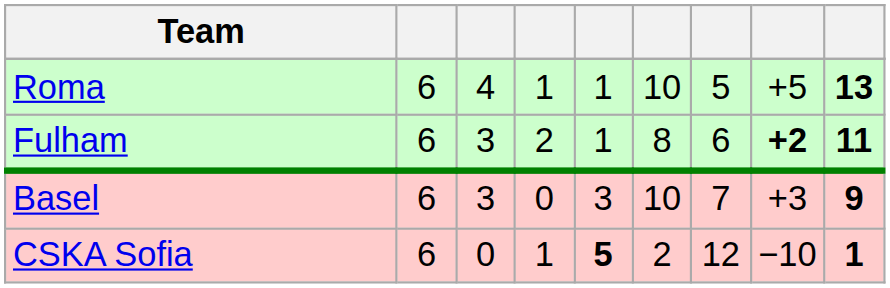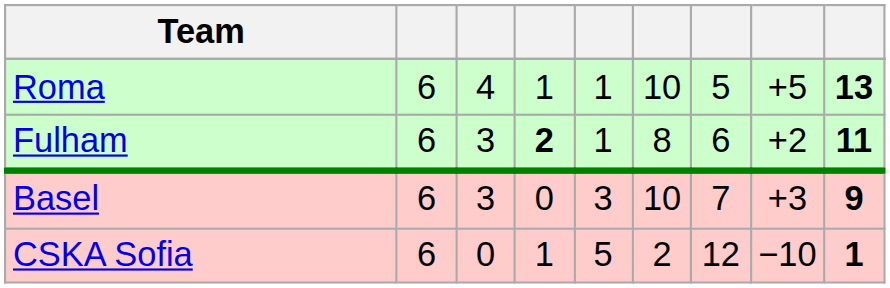 <table class="wikitable" style="text-align: center;">
 <tr>
 <th width=175>Team</th>
 <th width=20></th>
 <th width=20></th>
 <th width=20></th>
 <th width=20></th>
 <th width=20></th>
 <th width=20></th>
 <th width=20></th>
 <th width=20></th>
 </tr>
 <tr dth=20 |>
 </tr>
 <tr bgcolor="ccffcc">
 <td align=left> <a href='#'>Roma</a></td>
 <td>6</td>
 <td>4</td>
 <td>1</td>
 <td>1</td>
 <td>10</td>
 <td>5</td>
 <td>+5</td>
 <td><strong>13</strong></td>
 </tr>
 <tr bgcolor="ccffcc" style="border-bottom:3px solid green;">
 <td align=left> <a href='#'>Fulham</a></td>
 <td>6</td>
 <td>3</td>
-<td>2</td>
+<td><strong>2</strong></td>
 <td>1</td>
 <td>8</td>
 <td>6</td>
-<td><strong>+2</strong></td>
+<td>+2</td>
 <td><strong>11</strong></td>
 </tr>
 <tr bgcolor="ffcccc">
 <td align=left> <a href='#'>Basel</a></td>
 <td>6</td>
 <td>3</td>
 <td>0</td>
 <td>3</td>
 <td>10</td>
 <td>7</td>
 <td>+3</td>
 <td><strong>9</strong></td>
 </tr>
 <tr bgcolor="ffcccc">
 <td align=left> <a href='#'>CSKA Sofia</a></td>
 <td>6</td>
 <td>0</td>
 <td>1</td>
-<td><strong>5</strong></td>
+<td>5</td>
 <td>2</td>
 <td>12</td>
 <td>−10</td>
 <td><strong>1</strong></td>
 </tr>
 </table>
